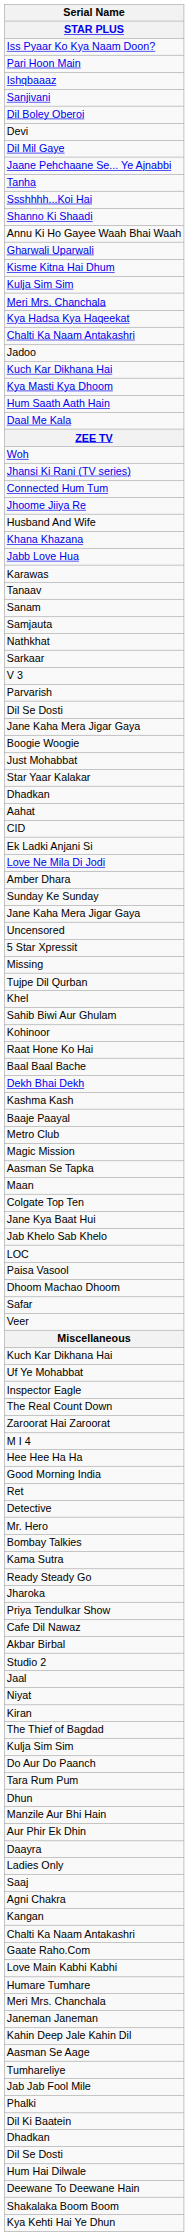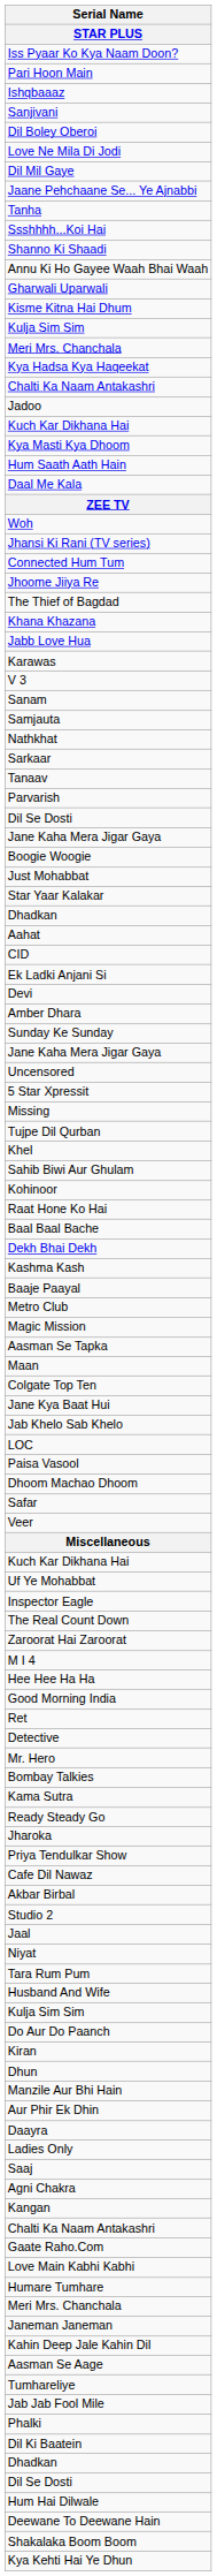 <table class="wikitable sortable">
 <tr>
 <th>Serial Name</th>
 </tr>
 <tr>
 <th><a href='#'>STAR PLUS</a></th>
 </tr>
 <tr>
 <td><a href='#'>Iss Pyaar Ko Kya Naam Doon?</a></td>
 </tr>
 <tr>
 <td><a href='#'>Pari Hoon Main</a></td>
 </tr>
 <tr>
 <td><a href='#'>Ishqbaaaz</a></td>
 </tr>
 <tr>
 <td><a href='#'>Sanjivani</a></td>
 </tr>
 <tr>
 <td><a href='#'>Dil Boley Oberoi</a></td>
 </tr>
 <tr>
-<td>Devi</td>
+<td><a href='#'>Love Ne Mila Di Jodi</a></td>
 </tr>
 <tr>
 <td><a href='#'>Dil Mil Gaye</a></td>
 </tr>
 <tr>
 <td><a href='#'>Jaane Pehchaane Se... Ye Ajnabbi</a></td>
 </tr>
 <tr>
 <td><a href='#'>Tanha</a></td>
 </tr>
 <tr>
 <td><a href='#'>Ssshhhh...Koi Hai</a></td>
 </tr>
 <tr>
 <td><a href='#'>Shanno Ki Shaadi</a></td>
 </tr>
 <tr>
 <td>Annu Ki Ho Gayee Waah Bhai Waah</td>
 </tr>
 <tr>
 <td><a href='#'>Gharwali Uparwali</a></td>
 </tr>
 <tr>
 <td><a href='#'>Kisme Kitna Hai Dhum</a></td>
 </tr>
 <tr>
 <td><a href='#'>Kulja Sim Sim</a></td>
 </tr>
 <tr>
 <td><a href='#'>Meri Mrs. Chanchala</a></td>
 </tr>
 <tr>
 <td><a href='#'>Kya Hadsa Kya Haqeekat</a></td>
 </tr>
 <tr>
 <td><a href='#'>Chalti Ka Naam Antakashri</a></td>
 </tr>
 <tr>
 <td>Jadoo</td>
 </tr>
 <tr>
 <td><a href='#'>Kuch Kar Dikhana Hai</a></td>
 </tr>
 <tr>
 <td><a href='#'>Kya Masti Kya Dhoom</a></td>
 </tr>
 <tr>
 <td><a href='#'>Hum Saath Aath Hain</a></td>
 </tr>
 <tr>
 <td><a href='#'>Daal Me Kala</a></td>
 </tr>
 <tr>
 <th><a href='#'>ZEE TV</a></th>
 </tr>
 <tr>
 <td><a href='#'>Woh</a></td>
 </tr>
 <tr>
 <td><a href='#'>Jhansi Ki Rani (TV series)</a></td>
 </tr>
 <tr>
 <td><a href='#'>Connected Hum Tum</a></td>
 </tr>
 <tr>
 <td><a href='#'>Jhoome Jiiya Re</a></td>
 </tr>
 <tr>
-<td>Husband And Wife</td>
+<td>The Thief of Bagdad</td>
 </tr>
 <tr>
 <td><a href='#'>Khana Khazana</a></td>
 </tr>
 <tr>
 <td><a href='#'>Jabb Love Hua</a></td>
 </tr>
 <tr>
 <td>Karawas</td>
 </tr>
 <tr>
-<td>Tanaav</td>
+<td>V 3</td>
 </tr>
 <tr>
 <td>Sanam</td>
 </tr>
 <tr>
 <td>Samjauta</td>
 </tr>
 <tr>
 <td>Nathkhat</td>
 </tr>
 <tr>
 <td>Sarkaar</td>
 </tr>
 <tr>
-<td>V 3</td>
+<td>Tanaav</td>
 </tr>
 <tr>
 <td>Parvarish</td>
 </tr>
 <tr>
 <td>Dil Se Dosti</td>
 </tr>
 <tr>
 <td>Jane Kaha Mera Jigar Gaya</td>
 </tr>
 <tr>
 <td>Boogie Woogie</td>
 </tr>
 <tr>
 <td>Just Mohabbat</td>
 </tr>
 <tr>
 <td>Star Yaar Kalakar</td>
 </tr>
 <tr>
 <td>Dhadkan</td>
 </tr>
 <tr>
 <td>Aahat</td>
 </tr>
 <tr>
 <td>CID</td>
 </tr>
 <tr>
 <td>Ek Ladki Anjani Si</td>
 </tr>
 <tr>
-<td><a href='#'>Love Ne Mila Di Jodi</a></td>
+<td>Devi</td>
 </tr>
 <tr>
 <td>Amber Dhara</td>
 </tr>
 <tr>
 <td>Sunday Ke Sunday</td>
 </tr>
 <tr>
 <td>Jane Kaha Mera Jigar Gaya</td>
 </tr>
 <tr>
 <td>Uncensored</td>
 </tr>
 <tr>
 <td>5 Star Xpressit</td>
 </tr>
 <tr>
 <td>Missing</td>
 </tr>
 <tr>
 <td>Tujpe Dil Qurban</td>
 </tr>
 <tr>
 <td>Khel</td>
 </tr>
 <tr>
 <td>Sahib Biwi Aur Ghulam</td>
 </tr>
 <tr>
 <td>Kohinoor</td>
 </tr>
 <tr>
 <td>Raat Hone Ko Hai</td>
 </tr>
 <tr>
 <td>Baal Baal Bache</td>
 </tr>
 <tr>
 <td><a href='#'>Dekh Bhai Dekh</a></td>
 </tr>
 <tr>
 <td>Kashma Kash</td>
 </tr>
 <tr>
 <td>Baaje Paayal</td>
 </tr>
 <tr>
 <td>Metro Club</td>
 </tr>
 <tr>
 <td>Magic Mission</td>
 </tr>
 <tr>
 <td>Aasman Se Tapka</td>
 </tr>
 <tr>
 <td>Maan</td>
 </tr>
 <tr>
 <td>Colgate Top Ten</td>
 </tr>
 <tr>
 <td>Jane Kya Baat Hui</td>
 </tr>
 <tr>
 <td>Jab Khelo Sab Khelo</td>
 </tr>
 <tr>
 <td>LOC</td>
 </tr>
 <tr>
 <td>Paisa Vasool</td>
 </tr>
 <tr>
 <td>Dhoom Machao Dhoom</td>
 </tr>
 <tr>
 <td>Safar</td>
 </tr>
 <tr>
 <td>Veer</td>
 </tr>
 <tr>
 <th>Miscellaneous</th>
 </tr>
 <tr>
 <td>Kuch Kar Dikhana Hai</td>
 </tr>
 <tr>
 <td>Uf Ye Mohabbat</td>
 </tr>
 <tr>
 <td>Inspector Eagle</td>
 </tr>
 <tr>
 <td>The Real Count Down</td>
 </tr>
 <tr>
 <td>Zaroorat Hai Zaroorat</td>
 </tr>
 <tr>
 <td>M I 4</td>
 </tr>
 <tr>
 <td>Hee Hee Ha Ha</td>
 </tr>
 <tr>
 <td>Good Morning India</td>
 </tr>
 <tr>
 <td>Ret</td>
 </tr>
 <tr>
 <td>Detective</td>
 </tr>
 <tr>
 <td>Mr. Hero</td>
 </tr>
 <tr>
 <td>Bombay Talkies</td>
 </tr>
 <tr>
 <td>Kama Sutra</td>
 </tr>
 <tr>
 <td>Ready Steady Go</td>
 </tr>
 <tr>
 <td>Jharoka</td>
 </tr>
 <tr>
 <td>Priya Tendulkar Show</td>
 </tr>
 <tr>
 <td>Cafe Dil Nawaz</td>
 </tr>
 <tr>
 <td>Akbar Birbal</td>
 </tr>
 <tr>
 <td>Studio 2</td>
 </tr>
 <tr>
 <td>Jaal</td>
 </tr>
 <tr>
 <td>Niyat</td>
 </tr>
 <tr>
-<td>Kiran</td>
+<td>Tara Rum Pum</td>
 </tr>
 <tr>
-<td>The Thief of Bagdad</td>
+<td>Husband And Wife</td>
 </tr>
 <tr>
 <td>Kulja Sim Sim</td>
 </tr>
 <tr>
 <td>Do Aur Do Paanch</td>
 </tr>
 <tr>
-<td>Tara Rum Pum</td>
+<td>Kiran</td>
 </tr>
 <tr>
 <td>Dhun</td>
 </tr>
 <tr>
 <td>Manzile Aur Bhi Hain</td>
 </tr>
 <tr>
 <td>Aur Phir Ek Dhin</td>
 </tr>
 <tr>
 <td>Daayra</td>
 </tr>
 <tr>
 <td>Ladies Only</td>
 </tr>
 <tr>
 <td>Saaj</td>
 </tr>
 <tr>
 <td>Agni Chakra</td>
 </tr>
 <tr>
 <td>Kangan</td>
 </tr>
 <tr>
 <td>Chalti Ka Naam Antakashri</td>
 </tr>
 <tr>
 <td>Gaate Raho.Com</td>
 </tr>
 <tr>
 <td>Love Main Kabhi Kabhi</td>
 </tr>
 <tr>
 <td>Humare Tumhare</td>
 </tr>
 <tr>
 <td>Meri Mrs. Chanchala</td>
 </tr>
 <tr>
 <td>Janeman Janeman</td>
 </tr>
 <tr>
 <td>Kahin Deep Jale Kahin Dil</td>
 </tr>
 <tr>
 <td>Aasman Se Aage</td>
 </tr>
 <tr>
 <td>Tumhareliye</td>
 </tr>
 <tr>
 <td>Jab Jab Fool Mile</td>
 </tr>
 <tr>
 <td>Phalki</td>
 </tr>
 <tr>
 <td>Dil Ki Baatein</td>
 </tr>
 <tr>
 <td>Dhadkan</td>
 </tr>
 <tr>
 <td>Dil Se Dosti</td>
 </tr>
 <tr>
 <td>Hum Hai Dilwale</td>
 </tr>
 <tr>
 <td>Deewane To Deewane Hain</td>
 </tr>
 <tr>
 <td>Shakalaka Boom Boom</td>
 </tr>
 <tr>
 <td>Kya Kehti Hai Ye Dhun</td>
 </tr>
 </table>
